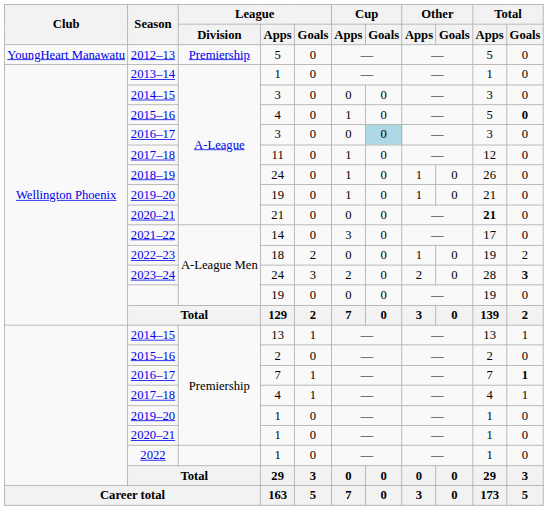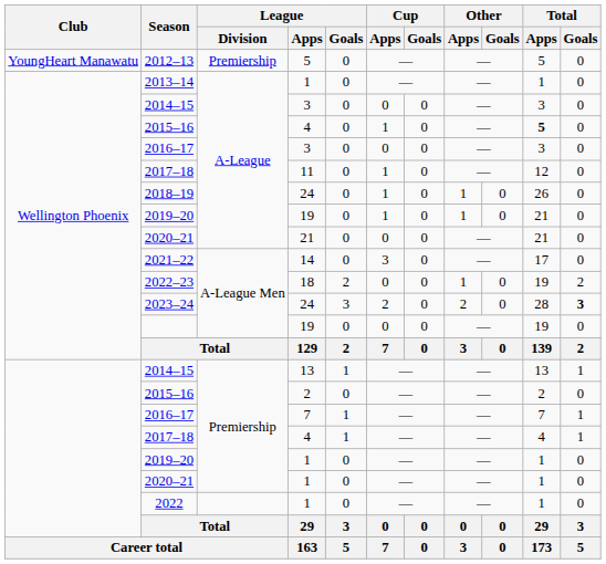 <table class="wikitable" style="text-align:center">
 <tr>
 <th rowspan="2">Club</th>
 <th rowspan="2">Season</th>
 <th colspan="3">League</th>
 <th colspan="2">Cup</th>
 <th colspan="2">Other</th>
 <th colspan="2">Total</th>
 </tr>
 <tr>
 <th>Division</th>
 <th>Apps</th>
 <th>Goals</th>
 <th>Apps</th>
 <th>Goals</th>
 <th>Apps</th>
 <th>Goals</th>
 <th>Apps</th>
 <th>Goals</th>
 </tr>
 <tr>
 <td><a href='#'>YoungHeart Manawatu</a></td>
 <td><a href='#'>2012–13</a></td>
 <td><a href='#'>Premiership</a></td>
 <td>5</td>
 <td>0</td>
 <td colspan="2">—</td>
 <td colspan="2">—</td>
 <td>5</td>
 <td>0</td>
 </tr>
 <tr>
 <td rowspan="13"><a href='#'>Wellington Phoenix</a></td>
 <td><a href='#'>2013–14</a></td>
 <td rowspan=8><a href='#'>A-League</a></td>
 <td>1</td>
 <td>0</td>
 <td colspan="2">—</td>
 <td colspan="2">—</td>
 <td>1</td>
 <td>0</td>
 </tr>
 <tr>
 <td><a href='#'>2014–15</a></td>
 <td>3</td>
 <td>0</td>
 <td>0</td>
 <td>0</td>
 <td colspan="2">—</td>
 <td>3</td>
 <td>0</td>
 </tr>
 <tr>
 <td><a href='#'>2015–16</a></td>
 <td>4</td>
 <td>0</td>
 <td>1</td>
 <td>0</td>
 <td colspan="2">—</td>
-<td>5</td>
-<td><strong>0</strong></td>
+<td><strong>5</strong></td>
+<td>0</td>
 </tr>
 <tr>
 <td><a href='#'>2016–17</a></td>
 <td>3</td>
 <td>0</td>
 <td>0</td>
-<td style="background: lightblue;">0</td>
+<td>0</td>
 <td colspan="2">—</td>
 <td>3</td>
 <td>0</td>
 </tr>
 <tr>
 <td><a href='#'>2017–18</a></td>
 <td>11</td>
 <td>0</td>
 <td>1</td>
 <td>0</td>
 <td colspan="2">—</td>
 <td>12</td>
 <td>0</td>
 </tr>
 <tr>
 <td><a href='#'>2018–19</a></td>
 <td>24</td>
 <td>0</td>
 <td>1</td>
 <td>0</td>
 <td>1</td>
 <td>0</td>
 <td>26</td>
 <td>0</td>
 </tr>
 <tr>
 <td><a href='#'>2019–20</a></td>
 <td>19</td>
 <td>0</td>
 <td>1</td>
 <td>0</td>
 <td>1</td>
 <td>0</td>
 <td>21</td>
 <td>0</td>
 </tr>
 <tr>
 <td><a href='#'>2020–21</a></td>
 <td>21</td>
 <td>0</td>
 <td>0</td>
 <td>0</td>
 <td colspan="2">—</td>
-<td><strong>21</strong></td>
+<td>21</td>
 <td>0</td>
 </tr>
 <tr>
 <td><a href='#'>2021–22</a></td>
 <td rowspan=4>A-League Men</td>
 <td>14</td>
 <td>0</td>
 <td>3</td>
 <td>0</td>
 <td colspan="2">—</td>
 <td>17</td>
 <td>0</td>
 </tr>
 <tr>
 <td><a href='#'>2022–23</a></td>
 <td>18</td>
 <td>2</td>
 <td>0</td>
 <td>0</td>
 <td>1</td>
 <td>0</td>
 <td>19</td>
 <td>2</td>
 </tr>
 <tr>
 <td><a href='#'>2023–24</a></td>
 <td>24</td>
 <td>3</td>
 <td>2</td>
 <td>0</td>
 <td>2</td>
 <td>0</td>
 <td>28</td>
 <td><strong>3</strong></td>
 </tr>
 <tr>
 <td></td>
 <td>19</td>
 <td>0</td>
 <td>0</td>
 <td>0</td>
 <td colspan="2">—</td>
 <td>19</td>
 <td>0</td>
 </tr>
 <tr>
 <th colspan="2">Total</th>
 <th>129</th>
 <th>2</th>
 <th>7</th>
 <th>0</th>
 <th>3</th>
 <th>0</th>
 <th>139</th>
 <th>2</th>
 </tr>
 <tr>
 <td rowspan="8"></td>
 <td><a href='#'>2014–15</a></td>
 <td rowspan=6>Premiership</td>
 <td>13</td>
 <td>1</td>
 <td colspan="2">—</td>
 <td colspan="2">—</td>
 <td>13</td>
 <td>1</td>
 </tr>
 <tr>
 <td><a href='#'>2015–16</a></td>
 <td>2</td>
 <td>0</td>
 <td colspan="2">—</td>
 <td colspan="2">—</td>
 <td>2</td>
 <td>0</td>
 </tr>
 <tr>
 <td><a href='#'>2016–17</a></td>
 <td>7</td>
 <td>1</td>
 <td colspan="2">—</td>
 <td colspan="2">—</td>
 <td>7</td>
-<td><strong>1</strong></td>
+<td>1</td>
 </tr>
 <tr>
 <td><a href='#'>2017–18</a></td>
 <td>4</td>
 <td>1</td>
 <td colspan="2">—</td>
 <td colspan="2">—</td>
 <td>4</td>
 <td>1</td>
 </tr>
 <tr>
 <td><a href='#'>2019–20</a></td>
 <td>1</td>
 <td>0</td>
 <td colspan="2">—</td>
 <td colspan="2">—</td>
 <td>1</td>
 <td>0</td>
 </tr>
 <tr>
 <td><a href='#'>2020–21</a></td>
 <td>1</td>
 <td>0</td>
 <td colspan="2">—</td>
 <td colspan="2">—</td>
 <td>1</td>
 <td>0</td>
 </tr>
 <tr>
 <td><a href='#'>2022</a></td>
 <td></td>
 <td>1</td>
 <td>0</td>
 <td colspan="2">—</td>
 <td colspan="2">—</td>
 <td>1</td>
 <td>0</td>
 </tr>
 <tr>
 <th colspan="2">Total</th>
 <th>29</th>
 <th>3</th>
 <th>0</th>
 <th>0</th>
 <th>0</th>
 <th>0</th>
 <th>29</th>
 <th>3</th>
 </tr>
 <tr>
 <th colspan="3">Career total</th>
 <th>163</th>
 <th>5</th>
 <th>7</th>
 <th>0</th>
 <th>3</th>
 <th>0</th>
 <th>173</th>
 <th>5</th>
 </tr>
 </table>
